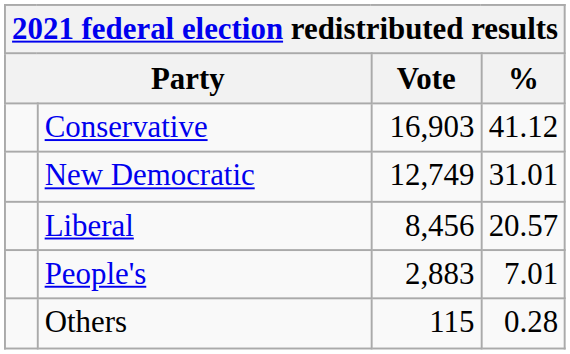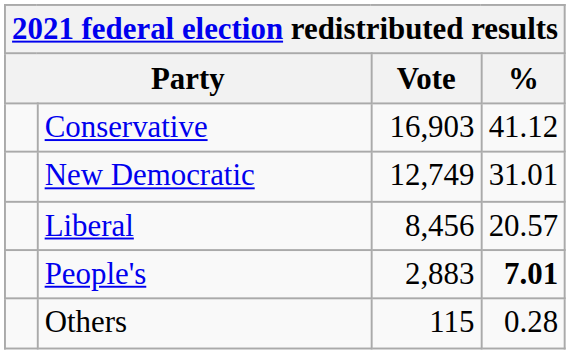 <table class="wikitable">
 <tr>
 <th colspan="4"><a href='#'>2021 federal election</a> redistributed results</th>
 </tr>
 <tr>
 <th bgcolor="#DDDDFF" width="130px" colspan="2">Party</th>
 <th bgcolor="#DDDDFF" width="50px">Vote</th>
 <th bgcolor="#DDDDFF" width="30px">%</th>
 </tr>
 <tr>
 <td> </td>
 <td><a href='#'>Conservative</a></td>
 <td align=right>16,903</td>
 <td align=right>41.12</td>
 </tr>
 <tr>
 <td> </td>
 <td><a href='#'>New Democratic</a></td>
 <td align=right>12,749</td>
 <td align=right>31.01</td>
 </tr>
 <tr>
 <td> </td>
 <td><a href='#'>Liberal</a></td>
 <td align=right>8,456</td>
 <td align=right>20.57</td>
 </tr>
 <tr>
 <td> </td>
 <td><a href='#'>People's</a></td>
 <td align=right>2,883</td>
-<td align=right>7.01</td>
+<td align=right><strong>7.01</strong></td>
 </tr>
 <tr>
 <td> </td>
 <td>Others</td>
 <td align=right>115</td>
 <td align=right>0.28</td>
 </tr>
 </table>
